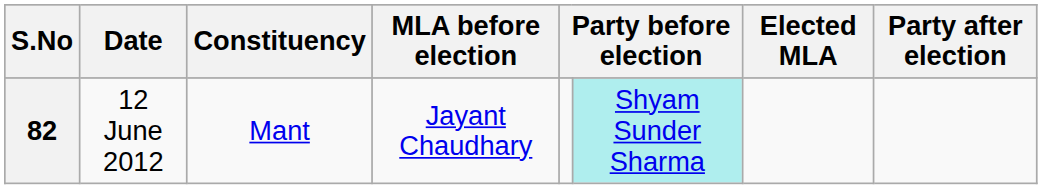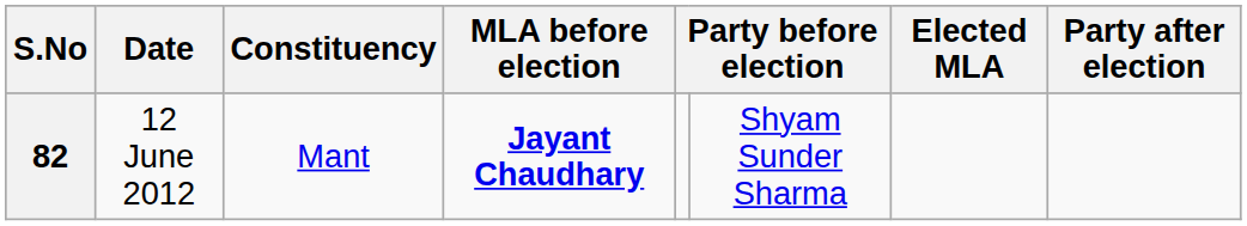 <table class="wikitable sortable" style="text-align:center;">
 <tr>
 <th>S.No</th>
 <th>Date</th>
 <th>Constituency</th>
 <th>MLA before election</th>
 <th colspan="2">Party before election</th>
 <th>Elected MLA</th>
 <th colspan="2">Party after election</th>
 </tr>
 <tr>
 <th>82</th>
 <td>12 June 2012</td>
 <td><a href='#'>Mant</a></td>
-<td><a href='#'>Jayant Chaudhary</a></td>
+<td><strong><a href='#'>Jayant Chaudhary</a></strong></td>
 <td></td>
-<td style="background: paleturquoise;"><a href='#'>Shyam Sunder Sharma</a></td>
+<td><a href='#'>Shyam Sunder Sharma</a></td>
 <td></td>
 </tr>
 </table>
